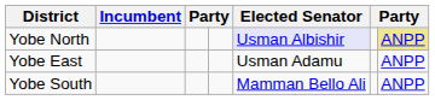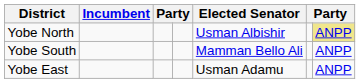 <table class="sortable wikitable" style="font-size:95%;line-height:14px;">
 <tr>
 <th class="unsortable">District</th>
 <th class="unsortable"><a href='#'>Incumbent</a></th>
 <th colspan="2">Party</th>
 <th class="unsortable">Elected Senator</th>
 <th colspan="2">Party</th>
 </tr>
 <tr>
 <td>Yobe North</td>
 <td></td>
 <td></td>
 <td></td>
-<td style="background: lavender;"><a href='#'>Usman Albishir</a></td>
+<td><a href='#'>Usman Albishir</a></td>
 <td style="background:"></td>
 <td style="background: khaki;"><a href='#'>ANPP</a></td>
+</tr>
+<tr>
+<td>Yobe South</td>
+<td></td>
+<td></td>
+<td></td>
+<td><a href='#'>Mamman Bello Ali</a></td>
+<td style="background:"></td>
+<td><a href='#'>ANPP</a></td>
 </tr>
 <tr>
 <td>Yobe East</td>
 <td></td>
 <td></td>
 <td></td>
 <td>Usman Adamu</td>
 <td style="background:"></td>
 <td><a href='#'>ANPP</a></td>
 </tr>
-<tr>
-<td>Yobe South</td>
-<td></td>
-<td></td>
-<td></td>
-<td><a href='#'>Mamman Bello Ali</a></td>
-<td style="background:"></td>
-<td><a href='#'>ANPP</a></td>
-</tr>
 </table>
